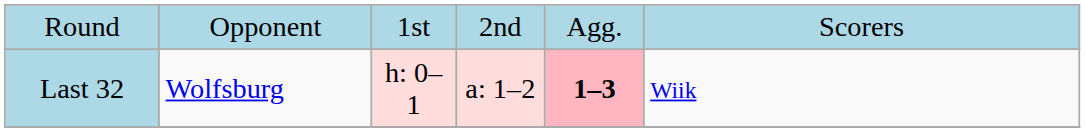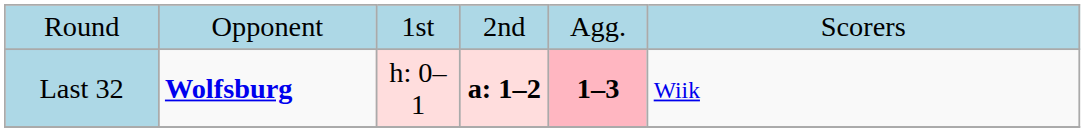 <table class="wikitable" style="text-align:center">
 <tr bgcolor=lightblue>
 <td width=150px>Round</td>
 <td width=200px>Opponent</td>
 <td width=80px>1st</td>
 <td width=80px>2nd</td>
 <td width=80px>Agg.</td>
 <td width=600px>Scorers</td>
 </tr>
 <tr>
 <td bgcolor=lightblue>Last 32</td>
-<td align=left> <a href='#'>Wolfsburg</a></td>
+<td align=left><strong> <a href='#'>Wolfsburg</a></strong></td>
 <td bgcolor="#ffdddd">h: 0–1</td>
-<td bgcolor="#ffdddd">a: 1–2</td>
+<td bgcolor="#ffdddd"><strong>a: 1–2</strong></td>
 <td bgcolor=lightpink><strong>1–3</strong></td>
 <td align=left><small><a href='#'>Wiik</a></small></td>
 </tr>
 <tr>
 </tr>
 </table>
